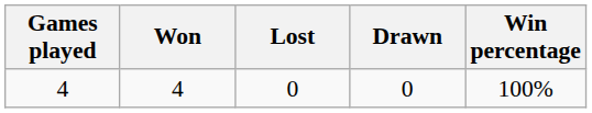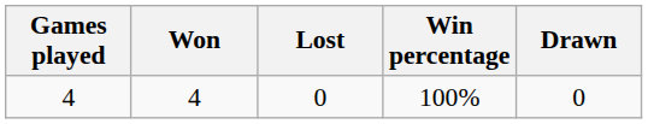 <table class="wikitable" style="text-align:center">
 <tr>
 <th width="70">Games played</th>
 <th width="70">Won</th>
 <th width="70">Lost</th>
+<th width="70">Win percentage</th>
 <th width="70">Drawn</th>
-<th width="70">Win percentage</th>
 </tr>
 <tr>
 <td>4</td>
 <td>4</td>
 <td>0</td>
+<td>100%</td>
 <td>0</td>
-<td>100%</td>
 </tr>
 </table>
